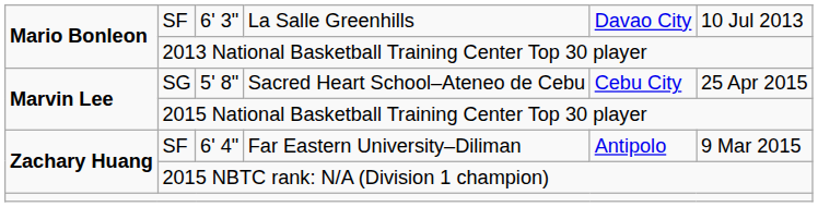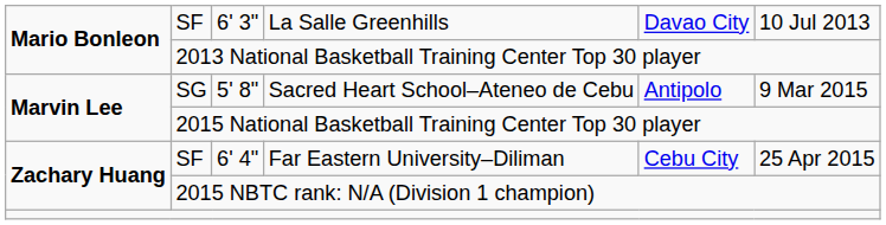 <table class=wikitable style="font-size:90%">
 <tr>
 <td rowspan=2><strong>Mario Bonleon</strong></td>
 <td>SF</td>
 <td>6' 3"</td>
 <td>La Salle Greenhills</td>
 <td><a href='#'>Davao City</a></td>
 <td>10 Jul 2013</td>
 </tr>
 <tr>
 <td colspan=5>2013 National Basketball Training Center Top 30 player</td>
 </tr>
 <tr>
 <td rowspan=2><strong>Marvin Lee</strong></td>
 <td>SG</td>
 <td>5' 8"</td>
 <td>Sacred Heart School–Ateneo de Cebu</td>
-<td><a href='#'>Cebu City</a></td>
-<td>25 Apr 2015</td>
+<td><a href='#'>Antipolo</a></td>
+<td>9 Mar 2015</td>
 </tr>
 <tr>
 <td colspan=5>2015 National Basketball Training Center Top 30 player</td>
 </tr>
 <tr>
 <td rowspan=2><strong>Zachary Huang</strong></td>
 <td>SF</td>
 <td>6' 4"</td>
 <td>Far Eastern University–Diliman</td>
-<td><a href='#'>Antipolo</a></td>
-<td>9 Mar 2015</td>
+<td><a href='#'>Cebu City</a></td>
+<td>25 Apr 2015</td>
 </tr>
 <tr>
 <td colspan=5>2015 NBTC rank: N/A (Division 1 champion)</td>
 </tr>
 <tr>
 <td colspan=6></td>
 </tr>
 </table>
